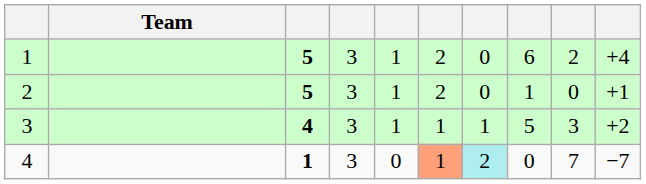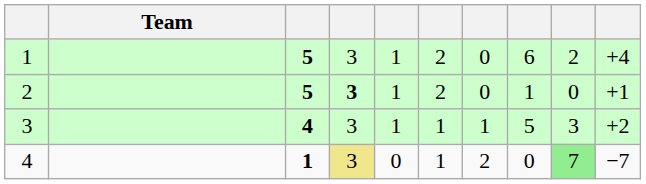 <table class="wikitable" style="text-align: center;">
 <tr>
 <th width="25"></th>
 <th width="165">Team</th>
 <th width="25"></th>
 <th width="25"></th>
 <th width="25"></th>
 <th width="25"></th>
 <th width="25"></th>
 <th width="25"></th>
 <th width="25"></th>
 <th width="25"></th>
 </tr>
 <tr bgcolor=#ccffcc>
 <td>1</td>
 <td align="left"></td>
 <td><strong>5</strong></td>
 <td>3</td>
 <td>1</td>
 <td>2</td>
 <td>0</td>
 <td>6</td>
 <td>2</td>
 <td>+4</td>
 </tr>
 <tr bgcolor=#ccffcc>
 <td>2</td>
 <td align="left"></td>
 <td><strong>5</strong></td>
-<td>3</td>
+<td><strong>3</strong></td>
 <td>1</td>
 <td>2</td>
 <td>0</td>
 <td>1</td>
 <td>0</td>
 <td>+1</td>
 </tr>
 <tr bgcolor=#ccffcc>
 <td>3</td>
 <td align=left></td>
 <td><strong>4</strong></td>
 <td>3</td>
 <td>1</td>
 <td>1</td>
 <td>1</td>
 <td>5</td>
 <td>3</td>
 <td>+2</td>
 </tr>
 <tr>
 <td>4</td>
 <td align="left"></td>
 <td><strong>1</strong></td>
-<td>3</td>
+<td style="background: khaki;">3</td>
 <td>0</td>
-<td style="background: lightsalmon;">1</td>
-<td style="background: paleturquoise;">2</td>
+<td>1</td>
+<td>2</td>
 <td>0</td>
-<td>7</td>
+<td style="background: lightgreen;">7</td>
 <td>−7</td>
 </tr>
 </table>
